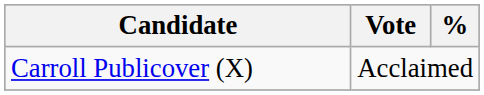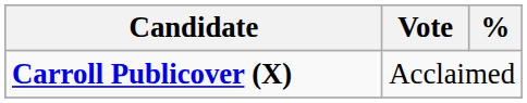 <table class="wikitable">
 <tr>
 <th bgcolor="#DDDDFF" width="200px">Candidate</th>
 <th bgcolor="#DDDDFF">Vote</th>
 <th bgcolor="#DDDDFF">%</th>
 </tr>
 <tr>
-<td><a href='#'>Carroll Publicover</a> (X)</td>
+<td><strong><a href='#'>Carroll Publicover</a> (X)</strong></td>
 <td colspan="2">Acclaimed</td>
 </tr>
 </table>
